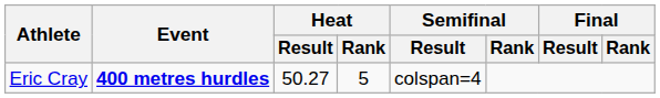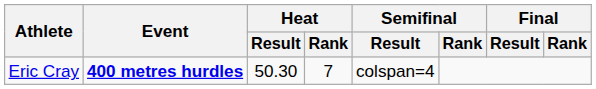 <table class="wikitable" style="font-size:90%">
 <tr>
 <th rowspan="2">Athlete</th>
 <th rowspan="2">Event</th>
 <th colspan="2">Heat</th>
 <th colspan="2">Semifinal</th>
 <th colspan="2">Final</th>
 </tr>
 <tr style="font-size:95%">
 <th>Result</th>
 <th>Rank</th>
 <th>Result</th>
 <th>Rank</th>
 <th>Result</th>
 <th>Rank</th>
 </tr>
 <tr style=text-align:center>
 <td style=text-align:left><a href='#'>Eric Cray</a></td>
 <td style=text-align:left><strong><a href='#'>400 metres hurdles</a></strong></td>
-<td>50.27</td>
-<td>5</td>
+<td>50.30</td>
+<td>7</td>
 <td>colspan=4 </td>
 </tr>
 </table>
